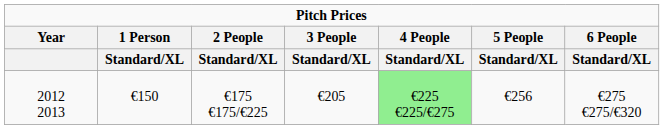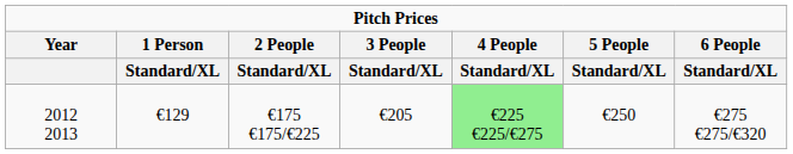 <table class="wikitable">
 <tr>
 <td colspan="7" style="text-align:center;"><strong>Pitch Prices</strong></td>
 </tr>
 <tr>
 <th>Year</th>
 <th>1 Person</th>
 <th>2 People</th>
 <th>3 People</th>
 <th>4 People</th>
 <th>5 People</th>
 <th>6 People</th>
 </tr>
 <tr>
 <th></th>
 <th>Standard/XL</th>
 <th>Standard/XL</th>
 <th>Standard/XL</th>
 <th>Standard/XL</th>
 <th>Standard/XL</th>
 <th>Standard/XL</th>
 </tr>
 <tr>
 <td style="text-align:center; vertical-align:top; width:100px;"><br>2012 <br>2013</td>
-<td style="text-align:center; vertical-align:top; width:100px;"><br>€150 <br></td>
+<td style="text-align:center; vertical-align:top; width:100px;"><br>€129 <br></td>
 <td style="text-align:center; vertical-align:top; width:100px;"><br>€175 <br>€175/€225</td>
 <td style="text-align:center; vertical-align:top; width:100px;"><br>€205</td>
 <td style="background: lightgreen; text-align:center; vertical-align:top; width:100px;"><br>€225 <br>€225/€275</td>
-<td style="text-align:center; vertical-align:top; width:100px;"><br>€256</td>
+<td style="text-align:center; vertical-align:top; width:100px;"><br>€250</td>
 <td style="text-align:center; vertical-align:top; width:100px;"><br>€275 <br>€275/€320</td>
 </tr>
 </table>
